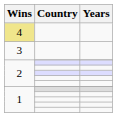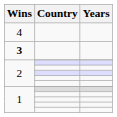 <table class="wikitable sortable" style="font-size:95%">
 <tr>
 <th>Wins</th>
 <th>Country</th>
 <th>Years</th>
 </tr>
 <tr>
-<td style="background: khaki; text-align:center;">4</td>
+<td style="text-align:center;">4</td>
 <td></td>
 <td></td>
 </tr>
 <tr>
-<td style="text-align:center;">3</td>
+<td style="text-align:center;"><strong>3</strong></td>
 <td></td>
 <td></td>
 </tr>
 <tr>
 <td rowspan="6" style="text-align:center;">2</td>
 </tr>
 <tr bgcolor=#ddddff>
 <td></td>
 <td></td>
 </tr>
 <tr>
 <td></td>
 <td></td>
 </tr>
 <tr bgcolor=#ddddff>
 <td></td>
 <td></td>
 </tr>
 <tr>
 <td></td>
 <td></td>
 </tr>
 <tr>
 <td></td>
 <td></td>
 </tr>
 <tr>
 <td rowspan="6" style="text-align:center;">1</td>
 </tr>
 <tr bgcolor=#dcdcdc>
 <td></td>
 <td></td>
 </tr>
 <tr>
 <td></td>
 <td></td>
 </tr>
 <tr>
 <td></td>
 <td></td>
 </tr>
 <tr>
 <td></td>
 <td></td>
 </tr>
 <tr>
 <td></td>
 <td></td>
 </tr>
 </table>
